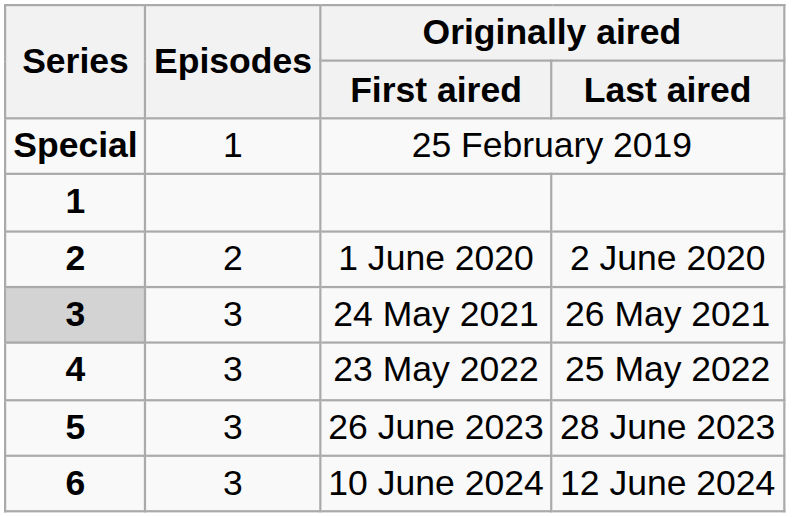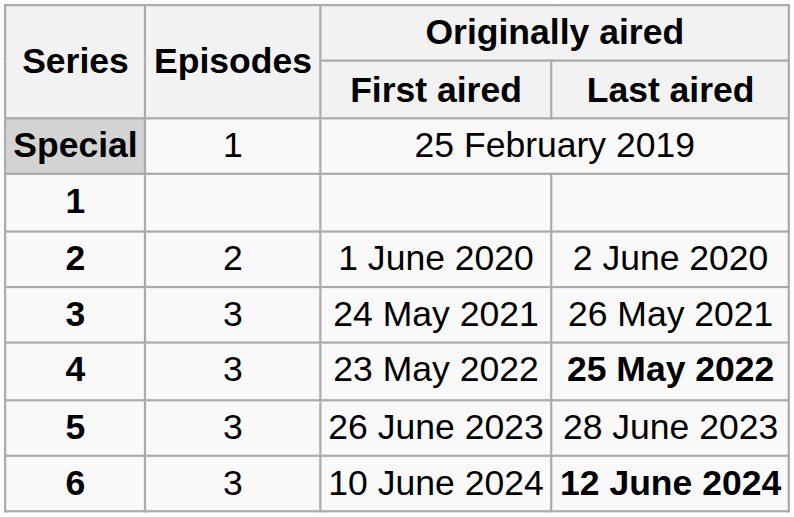 <table class="wikitable" style="text-align:center;">
 <tr>
 <th rowspan="2">Series</th>
 <th rowspan="2">Episodes</th>
 <th colspan="2">Originally aired</th>
 </tr>
 <tr>
 <th>First aired</th>
 <th>Last aired</th>
 </tr>
 <tr>
-<td><strong>Special</strong></td>
+<td style="background: lightgrey;"><strong>Special</strong></td>
 <td>1</td>
 <td colspan="2">25 February 2019</td>
 </tr>
 <tr>
 <td><strong>1</strong></td>
 <td></td>
 <td></td>
 <td></td>
 </tr>
 <tr>
 <td><strong>2</strong></td>
 <td>2</td>
 <td>1 June 2020</td>
 <td>2 June 2020</td>
 </tr>
 <tr>
-<td style="background: lightgrey;"><strong>3</strong></td>
+<td><strong>3</strong></td>
 <td>3</td>
 <td>24 May 2021</td>
 <td>26 May 2021</td>
 </tr>
 <tr>
 <td><strong>4</strong></td>
 <td>3</td>
 <td>23 May 2022</td>
-<td>25 May 2022</td>
+<td><strong>25 May 2022</strong></td>
 </tr>
 <tr>
 <td><strong>5</strong></td>
 <td>3</td>
 <td>26 June 2023</td>
 <td>28 June 2023</td>
 </tr>
 <tr>
 <td><strong>6</strong></td>
 <td>3</td>
 <td>10 June 2024</td>
-<td>12 June 2024</td>
+<td><strong>12 June 2024</strong></td>
 </tr>
 </table>
